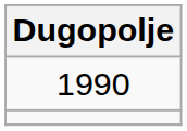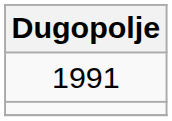 <table class="wikitable" style="margin: 0.5em auto; text-align: center;">
 <tr>
 <th colspan="1">Dugopolje</th>
 </tr>
 <tr>
-<td>1990</td>
+<td>1991</td>
 </tr>
 <tr>
 <td></td>
 </tr>
 <tr>
 </tr>
 </table>
